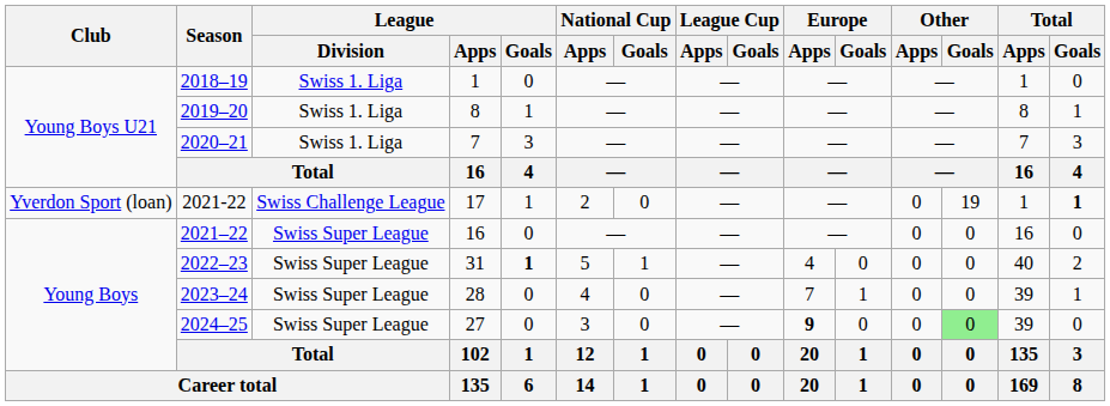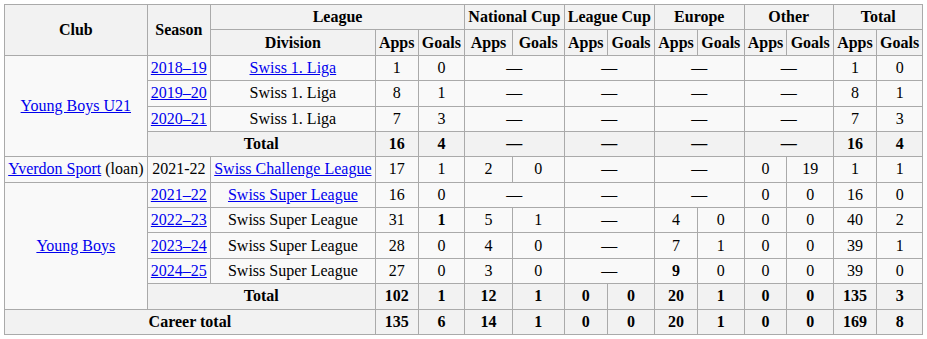 <table class="wikitable" style="text-align:center">
 <tr>
 <th rowspan="2">Club</th>
 <th rowspan="2">Season</th>
 <th colspan="3">League</th>
 <th colspan="2">National Cup </th>
 <th colspan="2">League Cup</th>
 <th colspan="2">Europe</th>
 <th colspan="2">Other</th>
 <th colspan="2">Total</th>
 </tr>
 <tr>
 <th>Division</th>
 <th>Apps</th>
 <th>Goals</th>
 <th>Apps</th>
 <th>Goals</th>
 <th>Apps</th>
 <th>Goals</th>
 <th>Apps</th>
 <th>Goals</th>
 <th>Apps</th>
 <th>Goals</th>
 <th>Apps</th>
 <th>Goals</th>
 </tr>
 <tr>
 <td rowspan="4"><a href='#'>Young Boys U21</a></td>
 <td><a href='#'>2018–19</a></td>
 <td><a href='#'>Swiss 1. Liga</a></td>
 <td>1</td>
 <td>0</td>
 <td colspan="2">—</td>
 <td colspan="2">—</td>
 <td colspan="2">—</td>
 <td colspan="2">—</td>
 <td>1</td>
 <td>0</td>
 </tr>
 <tr>
 <td><a href='#'>2019–20</a></td>
 <td>Swiss 1. Liga</td>
 <td>8</td>
 <td>1</td>
 <td colspan="2">—</td>
 <td colspan="2">—</td>
 <td colspan="2">—</td>
 <td colspan="2">—</td>
 <td>8</td>
 <td>1</td>
 </tr>
 <tr>
 <td><a href='#'>2020–21</a></td>
 <td>Swiss 1. Liga</td>
 <td>7</td>
 <td>3</td>
 <td colspan="2">—</td>
 <td colspan="2">—</td>
 <td colspan="2">—</td>
 <td colspan="2">—</td>
 <td>7</td>
 <td>3</td>
 </tr>
 <tr>
 <th colspan="2">Total</th>
 <th>16</th>
 <th>4</th>
 <th colspan="2">—</th>
 <th colspan="2">—</th>
 <th colspan="2">—</th>
 <th colspan="2">—</th>
 <th>16</th>
 <th>4</th>
 </tr>
 <tr>
 <td><a href='#'>Yverdon Sport</a> (loan)</td>
 <td>2021-22</td>
 <td><a href='#'>Swiss Challenge League</a></td>
 <td>17</td>
 <td>1</td>
 <td>2</td>
 <td>0</td>
 <td colspan="2">—</td>
 <td colspan="2">—</td>
 <td 0>0</td>
 <td>19</td>
 <td>1</td>
-<td><strong>1</strong></td>
+<td>1</td>
 </tr>
 <tr>
 <td rowspan="5"><a href='#'>Young Boys</a></td>
 <td><a href='#'>2021–22</a></td>
 <td><a href='#'>Swiss Super League</a></td>
 <td>16</td>
 <td>0</td>
 <td colspan="2">—</td>
 <td colspan="2">—</td>
 <td colspan="2">—</td>
 <td>0</td>
 <td>0</td>
 <td>16</td>
 <td>0</td>
 </tr>
 <tr>
 <td><a href='#'>2022–23</a></td>
 <td>Swiss Super League</td>
 <td>31</td>
 <td><strong>1</strong></td>
 <td>5</td>
 <td>1</td>
 <td colspan="2">—</td>
 <td>4</td>
 <td>0</td>
 <td>0</td>
 <td>0</td>
 <td>40</td>
 <td>2</td>
 </tr>
 <tr>
 <td><a href='#'>2023–24</a></td>
 <td>Swiss Super League</td>
 <td>28</td>
 <td>0</td>
 <td>4</td>
 <td>0</td>
 <td colspan="2">—</td>
 <td>7</td>
 <td>1</td>
 <td>0</td>
 <td>0</td>
 <td>39</td>
 <td>1</td>
 </tr>
 <tr>
 <td><a href='#'>2024–25</a></td>
 <td>Swiss Super League</td>
 <td>27</td>
 <td>0</td>
 <td>3</td>
 <td>0</td>
 <td colspan="2">—</td>
 <td><strong>9</strong></td>
 <td>0</td>
 <td>0</td>
-<td style="background: lightgreen;">0</td>
+<td>0</td>
 <td>39</td>
 <td>0</td>
 </tr>
 <tr>
 <th colspan="2">Total</th>
 <th>102</th>
 <th>1</th>
 <th>12</th>
 <th>1</th>
 <th>0</th>
 <th>0</th>
 <th>20</th>
 <th>1</th>
 <th>0</th>
 <th>0</th>
 <th>135</th>
 <th>3</th>
 </tr>
 <tr>
 <th colspan="3">Career total</th>
 <th>135</th>
 <th>6</th>
 <th>14</th>
 <th>1</th>
 <th>0</th>
 <th>0</th>
 <th>20</th>
 <th>1</th>
 <th>0</th>
 <th>0</th>
 <th>169</th>
 <th>8</th>
 </tr>
 </table>
